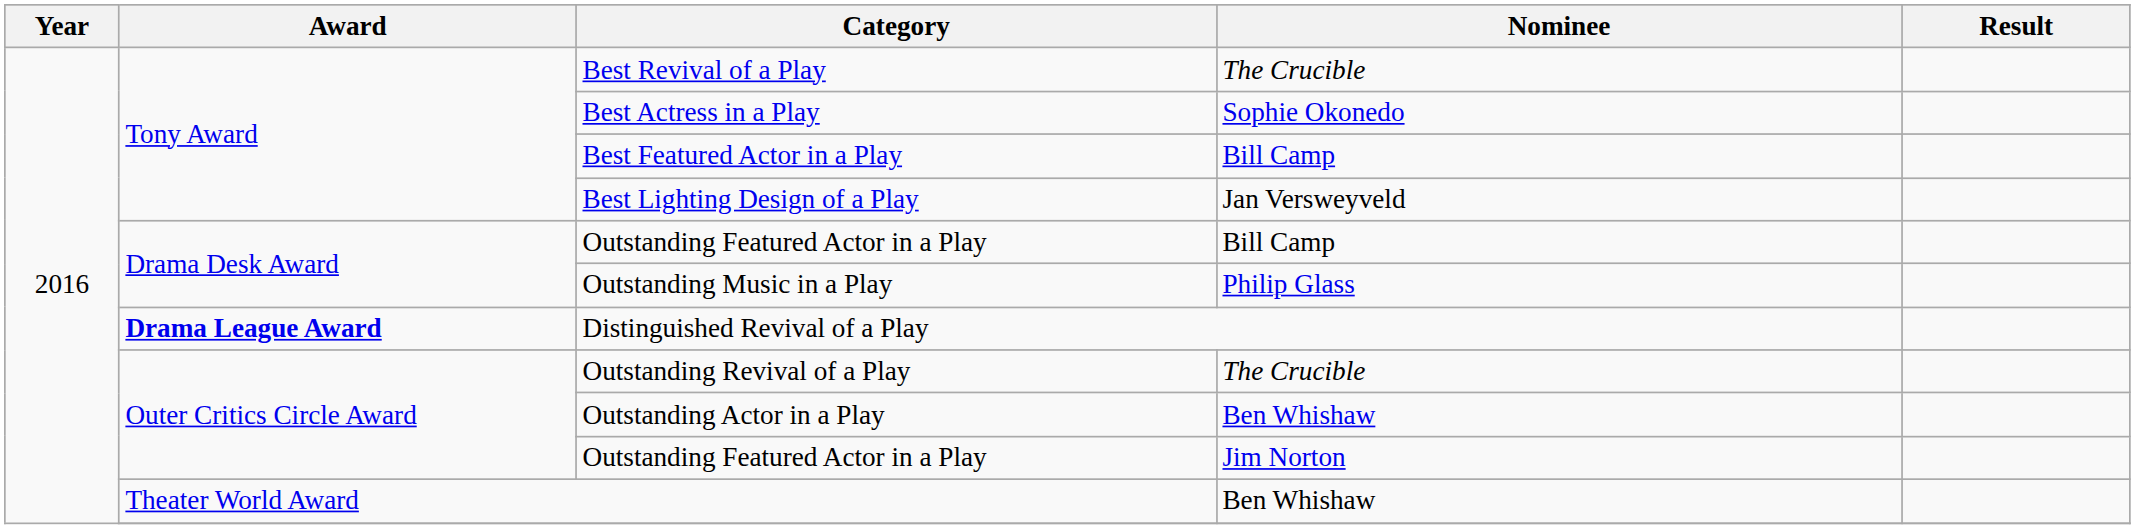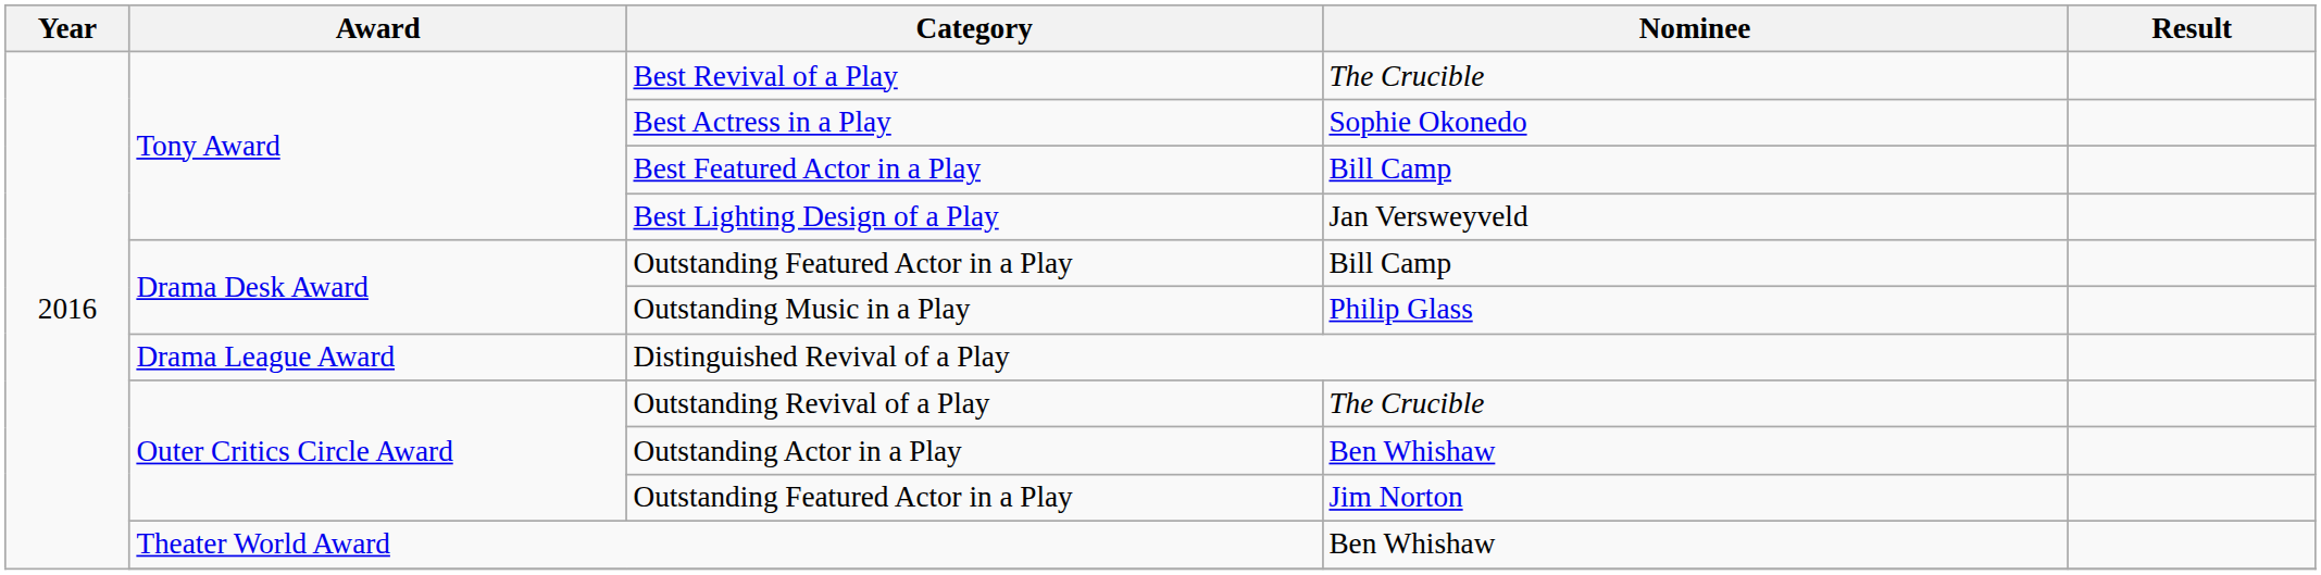 <table class="wikitable unsortable" style="width: 99%;">
 <tr>
 <th scope="col" style="width:5%;">Year</th>
 <th scope="col" style="width:20%;">Award</th>
 <th scope="col" style="width:28%;">Category</th>
 <th scope="col" style="width:30%;">Nominee</th>
 <th scope="col" style="width:10%;">Result</th>
 </tr>
 <tr>
 <td align="center", rowspan=14>2016</td>
 <td rowspan=4><a href='#'>Tony Award</a></td>
 <td><a href='#'>Best Revival of a Play</a></td>
 <td><em>The Crucible</em></td>
 <td></td>
 </tr>
 <tr>
 <td><a href='#'>Best Actress in a Play</a></td>
 <td><a href='#'>Sophie Okonedo</a></td>
 <td></td>
 </tr>
 <tr>
 <td><a href='#'>Best Featured Actor in a Play</a></td>
 <td><a href='#'>Bill Camp</a></td>
 <td></td>
 </tr>
 <tr>
 <td><a href='#'>Best Lighting Design of a Play</a></td>
 <td>Jan Versweyveld</td>
 <td></td>
 </tr>
 <tr>
 <td rowspan=2><a href='#'>Drama Desk Award</a></td>
 <td>Outstanding Featured Actor in a Play</td>
 <td>Bill Camp</td>
 <td></td>
 </tr>
 <tr>
 <td>Outstanding Music in a Play</td>
 <td><a href='#'>Philip Glass</a></td>
 <td></td>
 </tr>
 <tr>
-<td><strong><a href='#'>Drama League Award</a></strong></td>
+<td><a href='#'>Drama League Award</a></td>
 <td colspan=2>Distinguished Revival of a Play</td>
 <td></td>
 </tr>
 <tr>
 <td rowspan=3><a href='#'>Outer Critics Circle Award</a></td>
 <td>Outstanding Revival of a Play</td>
 <td><em>The Crucible</em></td>
 <td></td>
 </tr>
 <tr>
 <td>Outstanding Actor in a Play</td>
 <td><a href='#'>Ben Whishaw</a></td>
 <td></td>
 </tr>
 <tr>
 <td>Outstanding Featured Actor in a Play</td>
 <td><a href='#'>Jim Norton</a></td>
 <td></td>
 </tr>
 <tr>
 <td colspan=2><a href='#'>Theater World Award</a></td>
 <td>Ben Whishaw</td>
 <td></td>
 </tr>
 <tr>
 </tr>
 </table>
